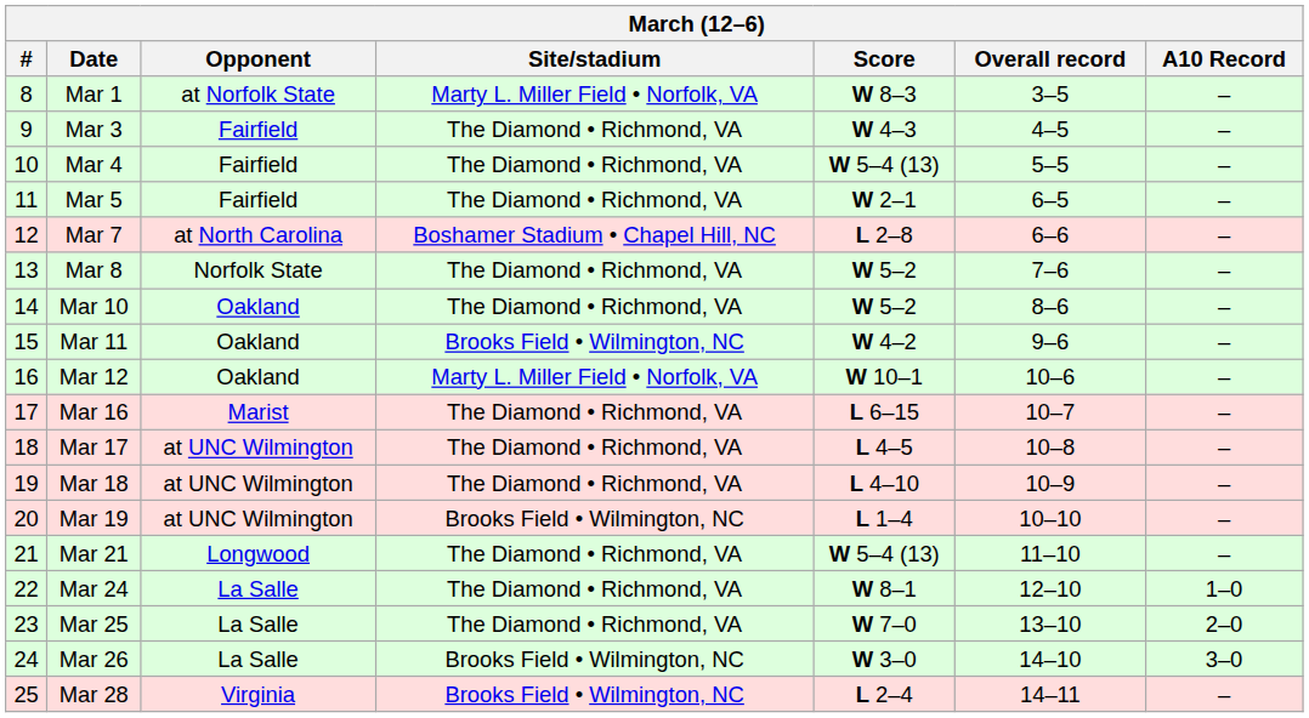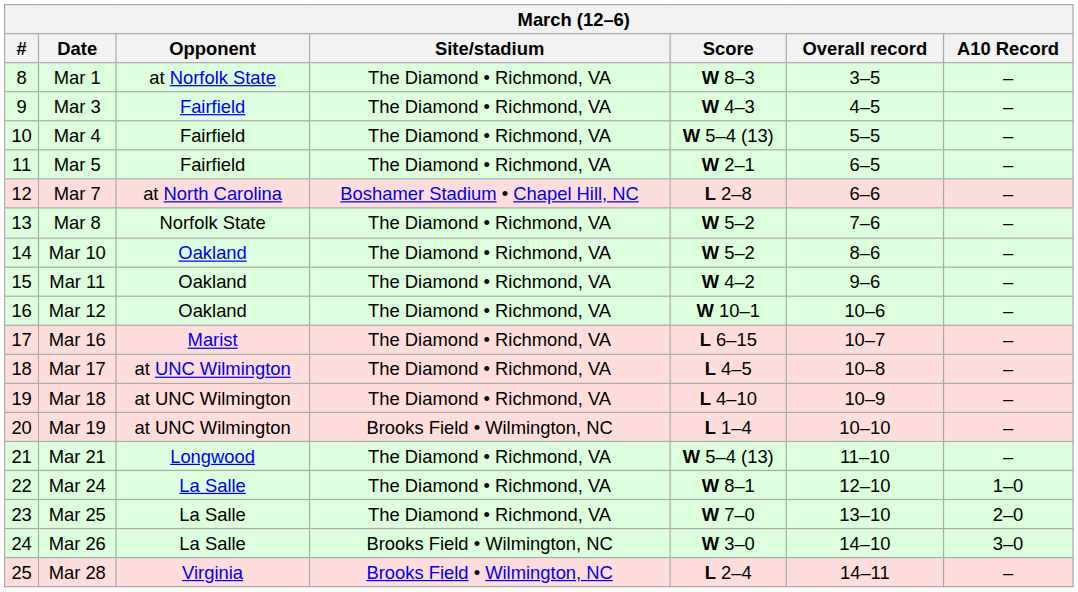 <table class="wikitable collapsible collapsed" style="margin:auto; width:100%; text-align:center; font-size:95%">
 <tr>
 <th colspan=12 style="padding-left:4em;">March (12–6)</th>
 </tr>
 <tr>
 <th>#</th>
 <th>Date</th>
 <th>Opponent</th>
 <th>Site/stadium</th>
 <th>Score</th>
 <th>Overall record</th>
 <th>A10 Record</th>
 </tr>
 <tr bgcolor="#ddffdd">
 <td>8</td>
 <td>Mar 1</td>
 <td>at <a href='#'>Norfolk State</a></td>
-<td><a href='#'>Marty L. Miller Field</a> • <a href='#'>Norfolk, VA</a></td>
+<td>The Diamond • Richmond, VA</td>
 <td><strong>W</strong> 8–3</td>
 <td>3–5</td>
 <td>– </td>
 </tr>
 <tr bgcolor="#ddffdd">
 <td>9</td>
 <td>Mar 3</td>
 <td><a href='#'>Fairfield</a></td>
 <td>The Diamond • Richmond, VA</td>
 <td><strong>W</strong> 4–3</td>
 <td>4–5</td>
 <td>– </td>
 </tr>
 <tr bgcolor="#ddffdd">
 <td>10</td>
 <td>Mar 4</td>
 <td>Fairfield</td>
 <td>The Diamond • Richmond, VA</td>
 <td><strong>W</strong> 5–4 (13)</td>
 <td>5–5</td>
 <td>– </td>
 </tr>
 <tr bgcolor="#ddffdd">
 <td>11</td>
 <td>Mar 5</td>
 <td>Fairfield</td>
 <td>The Diamond • Richmond, VA</td>
 <td><strong>W</strong> 2–1</td>
 <td>6–5</td>
 <td>– </td>
 </tr>
 <tr bgcolor="#ffdddd">
 <td>12</td>
 <td>Mar 7</td>
 <td>at <a href='#'>North Carolina</a></td>
 <td><a href='#'>Boshamer Stadium</a> • <a href='#'>Chapel Hill, NC</a></td>
 <td><strong>L</strong> 2–8</td>
 <td>6–6</td>
 <td>– </td>
 </tr>
 <tr bgcolor="#ddffdd">
 <td>13</td>
 <td>Mar 8</td>
 <td>Norfolk State</td>
 <td>The Diamond • Richmond, VA</td>
 <td><strong>W</strong> 5–2</td>
 <td>7–6</td>
 <td>– </td>
 </tr>
 <tr bgcolor="#ddffdd">
 <td>14</td>
 <td>Mar 10</td>
 <td><a href='#'>Oakland</a></td>
 <td>The Diamond • Richmond, VA</td>
 <td><strong>W</strong> 5–2</td>
 <td>8–6</td>
 <td>– </td>
 </tr>
 <tr bgcolor="#ddffdd">
 <td>15</td>
 <td>Mar 11</td>
 <td>Oakland</td>
-<td><a href='#'>Brooks Field</a> • <a href='#'>Wilmington, NC</a></td>
+<td>The Diamond • Richmond, VA</td>
 <td><strong>W</strong> 4–2</td>
 <td>9–6</td>
 <td>– </td>
 </tr>
 <tr bgcolor="#ddffdd">
 <td>16</td>
 <td>Mar 12</td>
 <td>Oakland</td>
-<td><a href='#'>Marty L. Miller Field</a> • <a href='#'>Norfolk, VA</a></td>
+<td>The Diamond • Richmond, VA</td>
 <td><strong>W</strong> 10–1</td>
 <td>10–6</td>
 <td>– </td>
 </tr>
 <tr bgcolor="#ffdddd">
 <td>17</td>
 <td>Mar 16</td>
 <td><a href='#'>Marist</a></td>
 <td>The Diamond • Richmond, VA</td>
 <td><strong>L</strong> 6–15</td>
 <td>10–7</td>
 <td>– </td>
 </tr>
 <tr bgcolor="#ffdddd">
 <td>18</td>
 <td>Mar 17</td>
 <td>at <a href='#'>UNC Wilmington</a></td>
 <td>The Diamond • Richmond, VA</td>
 <td><strong>L</strong> 4–5</td>
 <td>10–8</td>
 <td>– </td>
 </tr>
 <tr bgcolor="#ffdddd">
 <td>19</td>
 <td>Mar 18</td>
 <td>at UNC Wilmington</td>
 <td>The Diamond • Richmond, VA</td>
 <td><strong>L</strong> 4–10</td>
 <td>10–9</td>
 <td>– </td>
 </tr>
 <tr bgcolor="#ffdddd">
 <td>20</td>
 <td>Mar 19</td>
 <td>at UNC Wilmington</td>
 <td>Brooks Field • Wilmington, NC</td>
 <td><strong>L</strong> 1–4</td>
 <td>10–10</td>
 <td>– </td>
 </tr>
 <tr bgcolor="#ddffdd">
 <td>21</td>
 <td>Mar 21</td>
 <td><a href='#'>Longwood</a></td>
 <td>The Diamond • Richmond, VA</td>
 <td><strong>W</strong> 5–4 (13)</td>
 <td>11–10</td>
 <td>– </td>
 </tr>
 <tr bgcolor="#ddffdd">
 <td>22</td>
 <td>Mar 24</td>
 <td><a href='#'>La Salle</a></td>
 <td>The Diamond • Richmond, VA</td>
 <td><strong>W</strong> 8–1</td>
 <td>12–10</td>
 <td>1–0</td>
 </tr>
 <tr bgcolor="#ddffdd">
 <td>23</td>
 <td>Mar 25</td>
 <td>La Salle</td>
 <td>The Diamond • Richmond, VA</td>
 <td><strong>W</strong> 7–0</td>
 <td>13–10</td>
 <td>2–0</td>
 </tr>
 <tr bgcolor="#ddffdd">
 <td>24</td>
 <td>Mar 26</td>
 <td>La Salle</td>
 <td>Brooks Field • Wilmington, NC</td>
 <td><strong>W</strong> 3–0</td>
 <td>14–10</td>
 <td>3–0</td>
 </tr>
 <tr bgcolor="#ffdddd">
 <td>25</td>
 <td>Mar 28</td>
 <td><a href='#'>Virginia</a></td>
 <td><a href='#'>Brooks Field</a> • <a href='#'>Wilmington, NC</a></td>
 <td><strong>L</strong> 2–4</td>
 <td>14–11</td>
 <td>– </td>
 </tr>
 </table>
